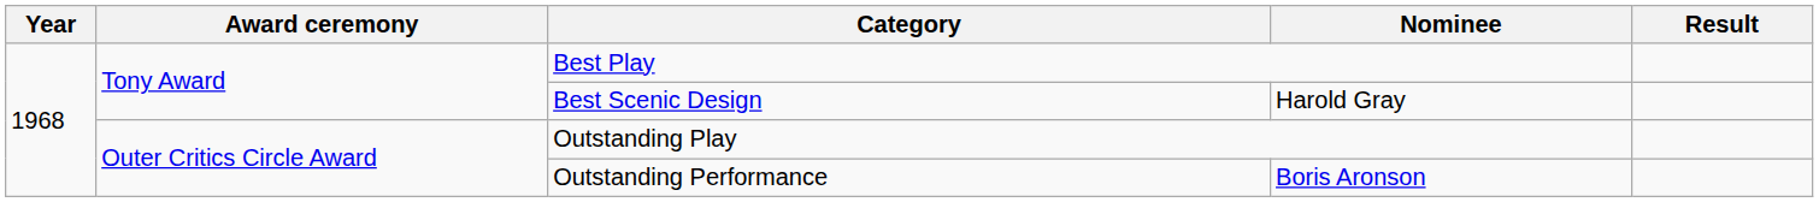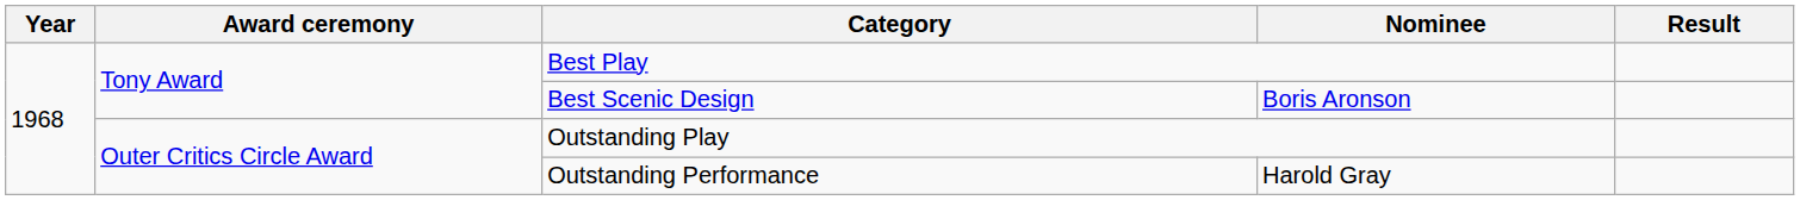 <table class="wikitable" width="95%">
 <tr>
 <th width="5%">Year</th>
 <th width="25%">Award ceremony</th>
 <th width="40%">Category</th>
 <th width="20%">Nominee</th>
 <th width="10%">Result</th>
 </tr>
 <tr>
 <td rowspan=4>1968</td>
 <td rowspan=2><a href='#'>Tony Award</a></td>
 <td colspan=2><a href='#'>Best Play</a></td>
 <td></td>
 </tr>
 <tr>
 <td><a href='#'>Best Scenic Design</a></td>
-<td>Harold Gray</td>
+<td><a href='#'>Boris Aronson</a></td>
 <td></td>
 </tr>
 <tr>
 <td rowspan=2><a href='#'>Outer Critics Circle Award</a></td>
 <td colspan=2>Outstanding Play</td>
 <td></td>
 </tr>
 <tr>
 <td>Outstanding Performance</td>
-<td><a href='#'>Boris Aronson</a></td>
+<td>Harold Gray</td>
 <td></td>
 </tr>
 </table>
